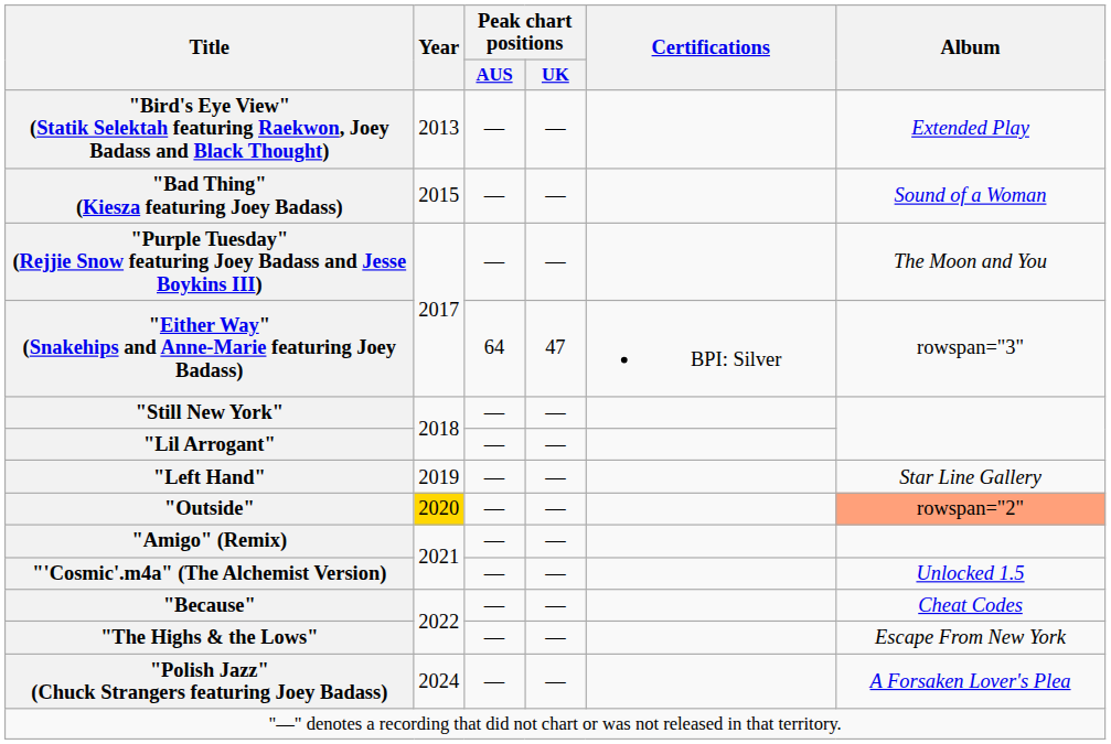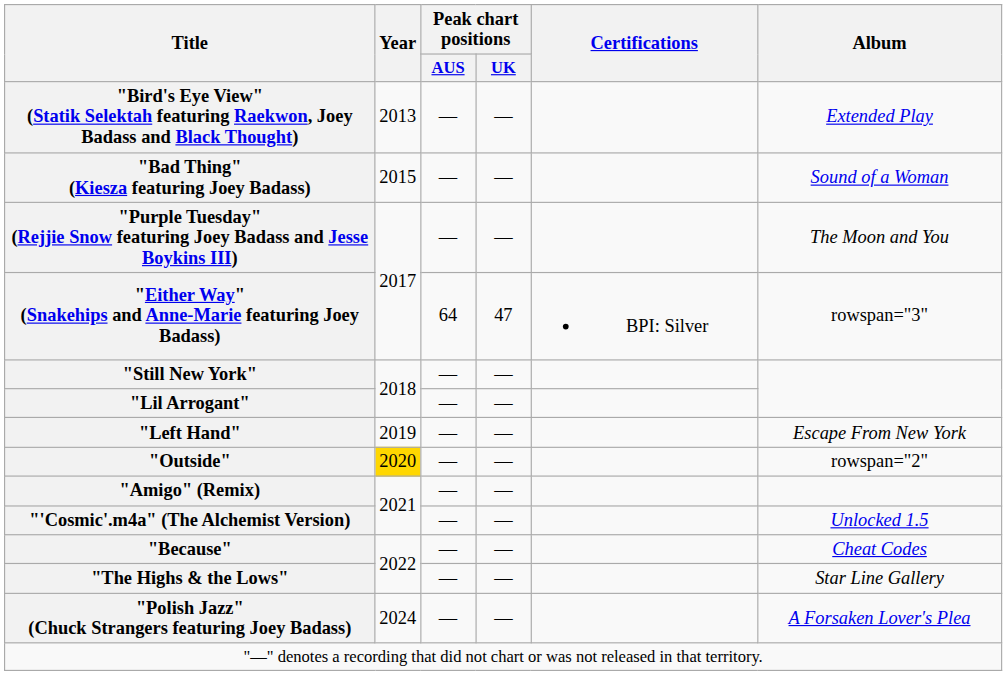 <table class="wikitable plainrowheaders" style="text-align:center;">
 <tr>
 <th scope="col" rowspan="2" style="width:20em;">Title</th>
 <th scope="col" rowspan="2" style="width:1em;">Year</th>
 <th scope="col" colspan="2">Peak chart positions</th>
 <th scope="col" rowspan="2" style="width:12em;"><a href='#'>Certifications</a></th>
 <th scope="col" rowspan="2" style="width:13em;">Album</th>
 </tr>
 <tr>
 <th scope="col" style="width:2.9em;font-size:90%;"><a href='#'>AUS</a><br></th>
 <th scope="col" style="width:2.9em;font-size:90%;"><a href='#'>UK</a><br></th>
 </tr>
 <tr>
 <th scope="row">"Bird's Eye View"<br><span>(<a href='#'>Statik Selektah</a> featuring <a href='#'>Raekwon</a>, Joey Badass and <a href='#'>Black Thought</a>)</span></th>
 <td>2013</td>
 <td>—</td>
 <td>—</td>
 <td></td>
 <td><em><a href='#'>Extended Play</a></em></td>
 </tr>
 <tr>
 <th scope="row">"Bad Thing"<br><span>(<a href='#'>Kiesza</a> featuring Joey Badass)</span></th>
 <td>2015</td>
 <td>—</td>
 <td>—</td>
 <td></td>
 <td><em><a href='#'>Sound of a Woman</a></em></td>
 </tr>
 <tr>
 <th scope="row">"Purple Tuesday"<br><span>(<a href='#'>Rejjie Snow</a> featuring Joey Badass and <a href='#'>Jesse Boykins III</a>)</span></th>
 <td rowspan="2">2017</td>
 <td>—</td>
 <td>—</td>
 <td></td>
 <td><em>The Moon and You</em></td>
 </tr>
 <tr>
 <th scope="row">"<a href='#'>Either Way</a>"<br><span>(<a href='#'>Snakehips</a> and <a href='#'>Anne-Marie</a> featuring Joey Badass)</span></th>
 <td>64</td>
 <td>47</td>
 <td><br><ul><li>BPI: Silver</li></ul></td>
 <td>rowspan="3" </td>
 </tr>
 <tr>
 <th scope="row">"Still New York"<br></th>
 <td rowspan="2">2018</td>
 <td>—</td>
 <td>—</td>
 <td></td>
 </tr>
 <tr>
 <th scope="row">"Lil Arrogant"<br></th>
 <td>—</td>
 <td>—</td>
 <td></td>
 </tr>
 <tr>
 <th scope="row">"Left Hand"<br></th>
 <td>2019</td>
 <td>—</td>
 <td>—</td>
 <td></td>
-<td><em>Star Line Gallery</em></td>
+<td><em>Escape From New York</em></td>
 </tr>
 <tr>
 <th scope="row">"Outside"<br></th>
 <td style="background: gold;">2020</td>
 <td>—</td>
 <td>—</td>
 <td></td>
-<td style="background: lightsalmon;">rowspan="2" </td>
+<td>rowspan="2" </td>
 </tr>
 <tr>
 <th scope="row">"Amigo" (Remix)<br></th>
 <td rowspan="2">2021</td>
 <td>—</td>
 <td>—</td>
 <td></td>
 </tr>
 <tr>
 <th scope="row">"'Cosmic'.m4a" (The Alchemist Version)<br></th>
 <td>—</td>
 <td>—</td>
 <td></td>
 <td><em><a href='#'>Unlocked 1.5</a></em></td>
 </tr>
 <tr>
 <th scope="row">"Because"<br></th>
 <td rowspan="2">2022</td>
 <td>—</td>
 <td>—</td>
 <td></td>
 <td><em><a href='#'>Cheat Codes</a></em></td>
 </tr>
 <tr>
 <th scope="row">"The Highs & the Lows"<br></th>
 <td>—</td>
 <td>—</td>
 <td></td>
-<td><em>Escape From New York</em></td>
+<td><em>Star Line Gallery</em></td>
 </tr>
 <tr>
 <th scope="row">"Polish Jazz"<br><span>(Chuck Strangers featuring Joey Badass)</span></th>
 <td>2024</td>
 <td>—</td>
 <td>—</td>
 <td></td>
 <td><em><a href='#'>A Forsaken Lover's Plea</a></em></td>
 </tr>
 <tr>
 <td colspan="14" style="font-size:90%">"—" denotes a recording that did not chart or was not released in that territory.</td>
 </tr>
 </table>
